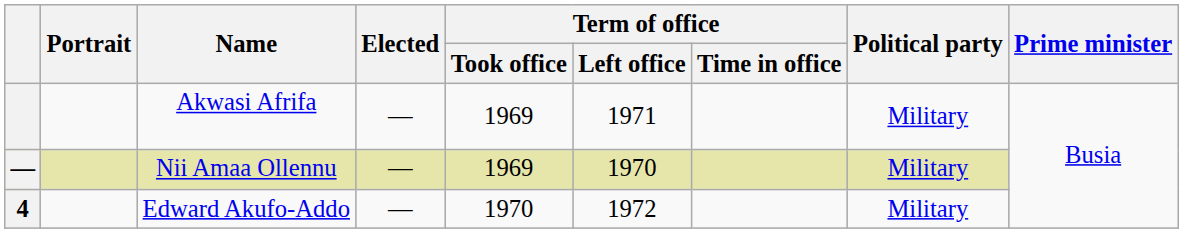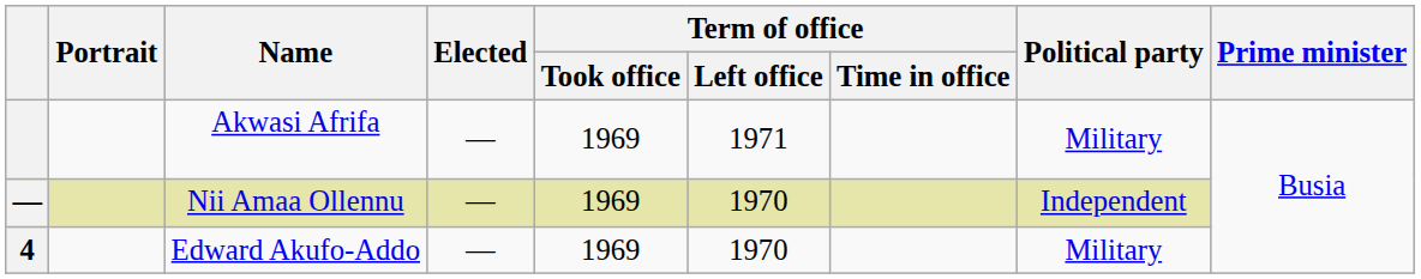 <table class="wikitable" style="text-align:center">
 <tr>
 <th rowspan="2"></th>
 <th rowspan="2">Portrait</th>
 <th rowspan="2">Name<br></th>
 <th rowspan="2">Elected</th>
 <th colspan="3">Term of office</th>
 <th rowspan="2">Political party</th>
 <th rowspan="2"><a href='#'>Prime minister</a></th>
 </tr>
 <tr>
 <th>Took office</th>
 <th>Left office</th>
 <th>Time in office</th>
 </tr>
 <tr>
 <th style="background:"></th>
 <td></td>
 <td><a href='#'> Akwasi Afrifa</a><br><br></td>
 <td>—</td>
 <td> 1969</td>
 <td> 1971</td>
 <td></td>
 <td><a href='#'>Military</a></td>
 <td rowspan=3><a href='#'>Busia</a></td>
 </tr>
 <tr style="background:#e6e6aa;">
 <th style="background:">—</th>
 <td></td>
 <td><a href='#'>Nii Amaa Ollennu</a><br></td>
 <td>—</td>
 <td> 1969</td>
 <td> 1970</td>
 <td></td>
-<td><a href='#'>Military</a></td>
+<td><a href='#'>Independent</a></td>
 </tr>
 <tr>
 <th style="background:">4</th>
 <td></td>
 <td><a href='#'>Edward Akufo-Addo</a><br></td>
 <td>—</td>
-<td> 1970</td>
-<td> 1972<br></td>
+<td> 1969</td>
+<td> 1970<br></td>
 <td></td>
 <td><a href='#'>Military</a></td>
 </tr>
 </table>
